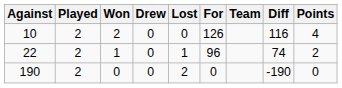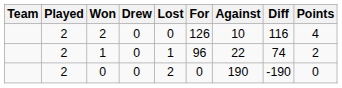 <table class="wikitable" style="text-align:center">
 <tr>
-<th>Against</th>
+<th>Team</th>
 <th>Played</th>
 <th>Won</th>
 <th>Drew</th>
 <th>Lost</th>
 <th>For</th>
-<th>Team</th>
+<th>Against</th>
 <th>Diff</th>
 <th>Points</th>
 </tr>
 <tr>
-<td>10</td>
+<td align=left></td>
 <td>2</td>
 <td>2</td>
 <td>0</td>
 <td>0</td>
 <td>126</td>
-<td align=left></td>
+<td>10</td>
 <td>116</td>
 <td>4</td>
 </tr>
 <tr>
-<td>22</td>
+<td align=left></td>
 <td>2</td>
 <td>1</td>
 <td>0</td>
 <td>1</td>
 <td>96</td>
-<td align=left></td>
+<td>22</td>
 <td>74</td>
 <td>2</td>
 </tr>
 <tr>
-<td>190</td>
+<td align=left></td>
 <td>2</td>
 <td>0</td>
 <td>0</td>
 <td>2</td>
 <td>0</td>
-<td align=left></td>
+<td>190</td>
 <td>-190</td>
 <td>0</td>
 </tr>
 </table>
